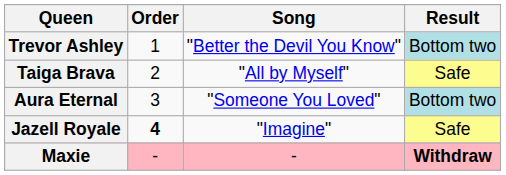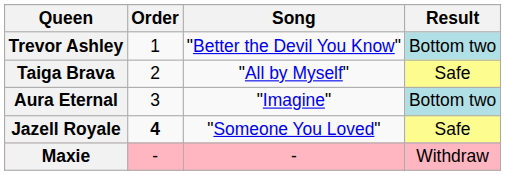 <table class="wikitable plainrowheaders" style="text-align:center;">
 <tr>
 </tr>
 <tr>
 <th scope="col">Queen</th>
 <th scope="col">Order</th>
 <th scope="col">Song</th>
 <th scope="col">Result</th>
 </tr>
 <tr>
 <th>Trevor Ashley</th>
 <td>1</td>
 <td>"<a href='#'>Better the Devil You Know</a>"</td>
 <td style="background:#B0E0E6;">Bottom two</td>
 </tr>
 <tr>
 <th>Taiga Brava</th>
 <td>2</td>
 <td>"<a href='#'>All by Myself</a>"</td>
 <td style="background:#FDFC8F;">Safe</td>
 </tr>
 <tr>
 <th>Aura Eternal</th>
 <td>3</td>
-<td>"<a href='#'>Someone You Loved</a>"</td>
+<td>"<a href='#'>Imagine</a>"</td>
 <td style="background:#B0E0E6;">Bottom two</td>
 </tr>
 <tr>
 <th>Jazell Royale</th>
 <td><strong>4</strong></td>
-<td>"<a href='#'>Imagine</a>"</td>
+<td>"<a href='#'>Someone You Loved</a>"</td>
 <td style="background:#FDFC8F;">Safe</td>
 </tr>
 <tr style="background:lightpink;">
 <th>Maxie</th>
 <td>-</td>
 <td>-</td>
-<td><strong>Withdraw</strong></td>
+<td>Withdraw</td>
 </tr>
 </table>
